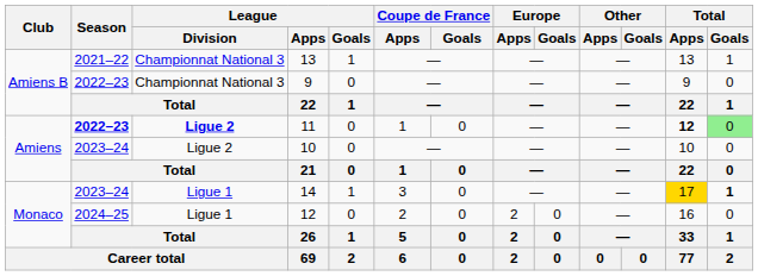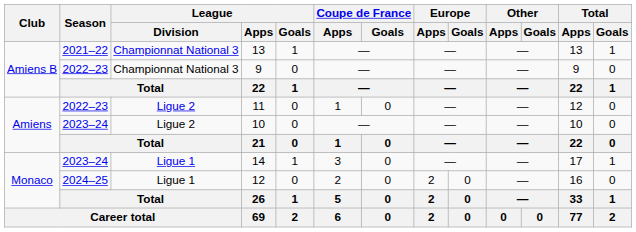 <table class="wikitable" style="text-align: center;">
 <tr>
 <th rowspan="2">Club</th>
 <th rowspan="2">Season</th>
 <th colspan="3">League</th>
 <th colspan="2"><a href='#'>Coupe de France</a></th>
 <th colspan="2">Europe</th>
 <th colspan="2">Other</th>
 <th colspan="2">Total</th>
 </tr>
 <tr>
 <th>Division</th>
 <th>Apps</th>
 <th>Goals</th>
 <th>Apps</th>
 <th>Goals</th>
 <th>Apps</th>
 <th>Goals</th>
 <th>Apps</th>
 <th>Goals</th>
 <th>Apps</th>
 <th>Goals</th>
 </tr>
 <tr>
 <td rowspan="3"><a href='#'>Amiens B</a></td>
 <td><a href='#'>2021–22</a></td>
 <td><a href='#'>Championnat National 3</a></td>
 <td>13</td>
 <td>1</td>
 <td colspan="2">—</td>
 <td colspan="2">—</td>
 <td colspan="2">—</td>
 <td>13</td>
 <td>1</td>
 </tr>
 <tr>
 <td><a href='#'>2022–23</a></td>
 <td>Championnat National 3</td>
 <td>9</td>
 <td>0</td>
 <td colspan="2">—</td>
 <td colspan="2">—</td>
 <td colspan="2">—</td>
 <td>9</td>
 <td>0</td>
 </tr>
 <tr>
 <th colspan="2">Total</th>
 <th>22</th>
 <th>1</th>
 <th colspan="2">—</th>
 <th colspan="2">—</th>
 <th colspan="2">—</th>
 <th>22</th>
 <th>1</th>
 </tr>
 <tr>
 <td rowspan="3"><a href='#'>Amiens</a></td>
-<td><strong><a href='#'>2022–23</a></strong></td>
-<td><strong><a href='#'>Ligue 2</a></strong></td>
+<td><a href='#'>2022–23</a></td>
+<td><a href='#'>Ligue 2</a></td>
 <td>11</td>
 <td>0</td>
 <td>1</td>
 <td>0</td>
 <td colspan="2">—</td>
 <td colspan="2">—</td>
-<td><strong>12</strong></td>
-<td style="background: lightgreen;">0</td>
+<td>12</td>
+<td>0</td>
 </tr>
 <tr>
 <td><a href='#'>2023–24</a></td>
 <td>Ligue 2</td>
 <td>10</td>
 <td>0</td>
 <td colspan="2">—</td>
 <td colspan="2">—</td>
 <td colspan="2">—</td>
 <td>10</td>
 <td>0</td>
 </tr>
 <tr>
 <th colspan="2">Total</th>
 <th>21</th>
 <th>0</th>
 <th>1</th>
 <th>0</th>
 <th colspan="2">—</th>
 <th colspan="2">—</th>
 <th>22</th>
 <th>0</th>
 </tr>
 <tr>
 <td rowspan="3"><a href='#'>Monaco</a></td>
 <td><a href='#'>2023–24</a></td>
 <td><a href='#'>Ligue 1</a></td>
 <td>14</td>
 <td>1</td>
 <td>3</td>
 <td>0</td>
 <td colspan="2">—</td>
 <td colspan="2">—</td>
-<td style="background: gold;">17</td>
-<td><strong>1</strong></td>
+<td>17</td>
+<td>1</td>
 </tr>
 <tr>
 <td><a href='#'>2024–25</a></td>
 <td>Ligue 1</td>
 <td>12</td>
 <td>0</td>
 <td>2</td>
 <td>0</td>
 <td>2</td>
 <td>0</td>
 <td colspan="2">—</td>
 <td>16</td>
 <td>0</td>
 </tr>
 <tr>
 <th colspan="2">Total</th>
 <th>26</th>
 <th>1</th>
 <th>5</th>
 <th>0</th>
 <th>2</th>
 <th>0</th>
 <th colspan="2">—</th>
 <th>33</th>
 <th>1</th>
 </tr>
 <tr>
 <th colspan="3">Career total</th>
 <th>69</th>
 <th>2</th>
 <th>6</th>
 <th>0</th>
 <th>2</th>
 <th>0</th>
 <th>0</th>
 <th>0</th>
 <th>77</th>
 <th>2</th>
 </tr>
 </table>
